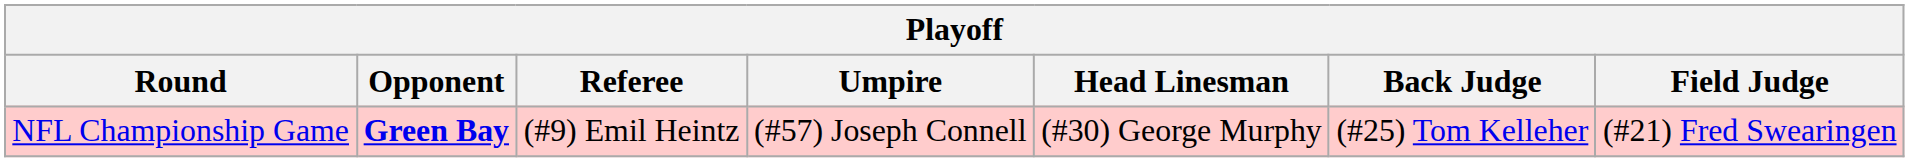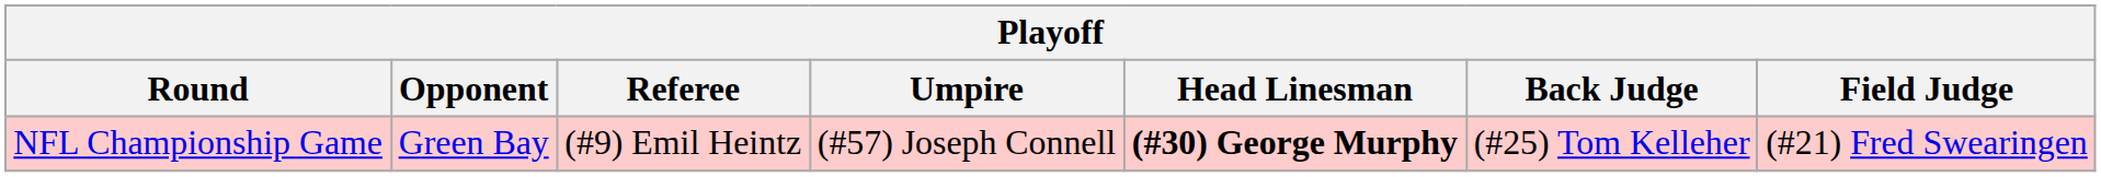 <table class="wikitable" style="text-align:center">
 <tr>
 <th colspan="7">Playoff</th>
 </tr>
 <tr>
 <th>Round</th>
 <th>Opponent</th>
 <th>Referee</th>
 <th>Umpire</th>
 <th>Head Linesman</th>
 <th>Back Judge</th>
 <th>Field Judge</th>
 </tr>
 <tr style="background:#fcc">
 <td><a href='#'>NFL Championship Game</a></td>
-<td><strong><a href='#'>Green Bay</a></strong></td>
+<td><a href='#'>Green Bay</a></td>
 <td>(#9) Emil Heintz</td>
 <td>(#57) Joseph Connell</td>
-<td>(#30) George Murphy</td>
+<td><strong>(#30) George Murphy</strong></td>
 <td>(#25) <a href='#'>Tom Kelleher</a></td>
 <td>(#21) <a href='#'>Fred Swearingen</a></td>
 </tr>
 </table>
